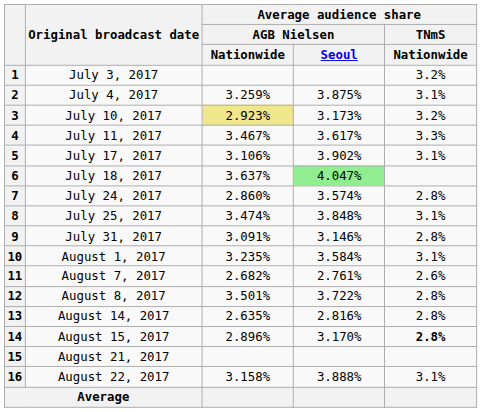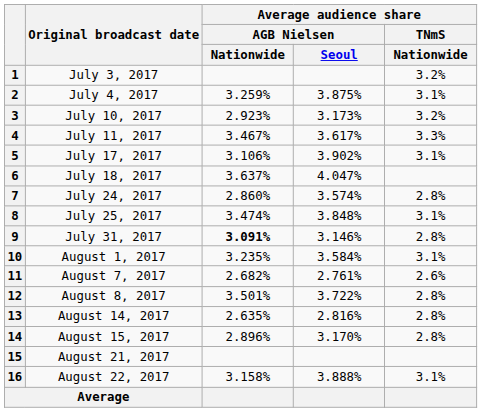 <table class="wikitable" style="text-align:center">
 <tr>
 <th rowspan="3"></th>
 <th rowspan="3">Original broadcast date</th>
 <th colspan="3">Average audience share</th>
 </tr>
 <tr>
 <th colspan="2">AGB Nielsen</th>
 <th>TNmS</th>
 </tr>
 <tr>
 <th width="90">Nationwide</th>
 <th width="90"><a href='#'>Seoul</a></th>
 <th width="90">Nationwide</th>
 </tr>
 <tr>
 <th>1</th>
 <td>July 3, 2017</td>
 <td></td>
 <td></td>
 <td>3.2%</td>
 </tr>
 <tr>
 <th>2</th>
 <td>July 4, 2017</td>
 <td>3.259%</td>
 <td>3.875%</td>
 <td>3.1%</td>
 </tr>
 <tr>
 <th>3</th>
 <td>July 10, 2017</td>
-<td style="background: khaki;">2.923%</td>
+<td>2.923%</td>
 <td>3.173%</td>
 <td>3.2%</td>
 </tr>
 <tr>
 <th>4</th>
 <td>July 11, 2017</td>
 <td>3.467%</td>
 <td>3.617%</td>
 <td>3.3%</td>
 </tr>
 <tr>
 <th>5</th>
 <td>July 17, 2017</td>
 <td>3.106%</td>
 <td>3.902%</td>
 <td>3.1%</td>
 </tr>
 <tr>
 <th>6</th>
 <td>July 18, 2017</td>
 <td>3.637%</td>
-<td style="background: lightgreen;">4.047%</td>
+<td>4.047%</td>
 <td></td>
 </tr>
 <tr>
 <th>7</th>
 <td>July 24, 2017</td>
 <td>2.860%</td>
 <td>3.574%</td>
 <td>2.8%</td>
 </tr>
 <tr>
 <th>8</th>
 <td>July 25, 2017</td>
 <td>3.474%</td>
 <td>3.848%</td>
 <td>3.1%</td>
 </tr>
 <tr>
 <th>9</th>
 <td>July 31, 2017</td>
-<td>3.091%</td>
+<td><strong>3.091%</strong></td>
 <td>3.146%</td>
 <td>2.8%</td>
 </tr>
 <tr>
 <th>10</th>
 <td>August 1, 2017</td>
 <td>3.235%</td>
 <td>3.584%</td>
 <td>3.1%</td>
 </tr>
 <tr>
 <th>11</th>
 <td>August 7, 2017</td>
 <td>2.682%</td>
 <td>2.761%</td>
 <td>2.6%</td>
 </tr>
 <tr>
 <th>12</th>
 <td>August 8, 2017</td>
 <td>3.501%</td>
 <td>3.722%</td>
 <td>2.8%</td>
 </tr>
 <tr>
 <th>13</th>
 <td>August 14, 2017</td>
 <td>2.635%</td>
 <td>2.816%</td>
 <td>2.8%</td>
 </tr>
 <tr>
 <th>14</th>
 <td>August 15, 2017</td>
 <td>2.896%</td>
 <td>3.170%</td>
-<td><strong>2.8%</strong></td>
+<td>2.8%</td>
 </tr>
 <tr>
 <th>15</th>
 <td>August 21, 2017</td>
 <td></td>
 <td></td>
 <td></td>
 </tr>
 <tr>
 <th>16</th>
 <td>August 22, 2017</td>
 <td>3.158%</td>
 <td>3.888%</td>
 <td>3.1%</td>
 </tr>
 <tr>
 <th colspan="2">Average</th>
 <th></th>
 <th></th>
 <th></th>
 </tr>
 </table>
